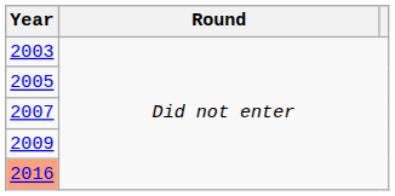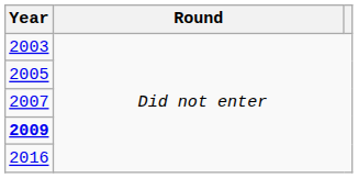 <table class="wikitable" style="text-align: center; font-size:90%">
 <tr>
 <th>Year</th>
 <th style="width:200px">Round</th>
 <th></th>
 </tr>
 <tr>
 <td><a href='#'>2003</a></td>
 <td colspan="2" rowspan="5"><em>Did not enter</em></td>
 </tr>
 <tr>
 <td><a href='#'>2005</a></td>
 </tr>
 <tr>
 <td><a href='#'>2007</a></td>
 </tr>
 <tr>
-<td><a href='#'>2009</a></td>
+<td><strong><a href='#'>2009</a></strong></td>
 </tr>
 <tr>
-<td style="background: lightsalmon;"><a href='#'>2016</a></td>
+<td><a href='#'>2016</a></td>
 </tr>
 </table>
